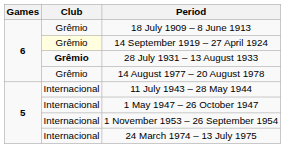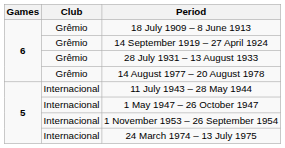 <table class="wikitable sortable" style="text-align:center;">
 <tr>
 <th>Games</th>
 <th>Club</th>
 <th>Period</th>
 </tr>
 <tr>
 <td rowspan="4"><strong>6</strong></td>
 <td>Grêmio</td>
 <td>18 July 1909 – 8 June 1913</td>
 </tr>
 <tr>
-<td style="background: lightyellow;">Grêmio</td>
+<td>Grêmio</td>
 <td>14 September 1919 – 27 April 1924</td>
 </tr>
 <tr>
-<td><strong>Grêmio</strong></td>
+<td>Grêmio</td>
 <td>28 July 1931 – 13 August 1933</td>
 </tr>
 <tr>
 <td>Grêmio</td>
 <td>14 August 1977 – 20 August 1978</td>
 </tr>
 <tr>
 <td rowspan="4"><strong>5</strong></td>
 <td>Internacional</td>
 <td>11 July 1943 – 28 May 1944</td>
 </tr>
 <tr>
 <td>Internacional</td>
 <td>1 May 1947 – 26 October 1947</td>
 </tr>
 <tr>
 <td>Internacional</td>
 <td>1 November 1953 – 26 September 1954</td>
 </tr>
 <tr>
 <td>Internacional</td>
 <td>24 March 1974 – 13 July 1975</td>
 </tr>
 </table>
